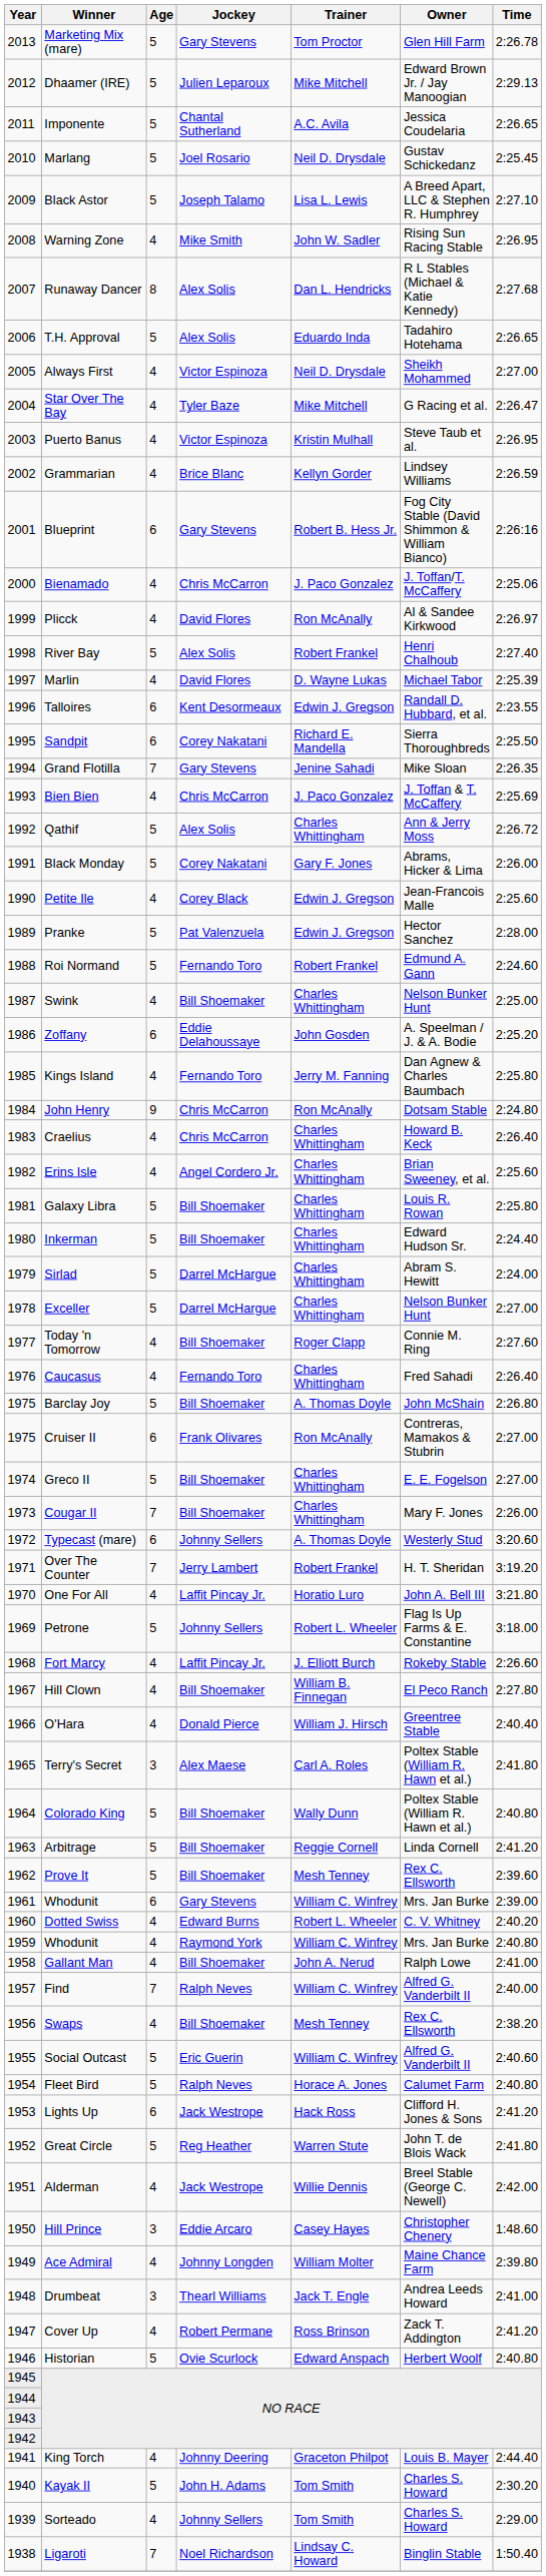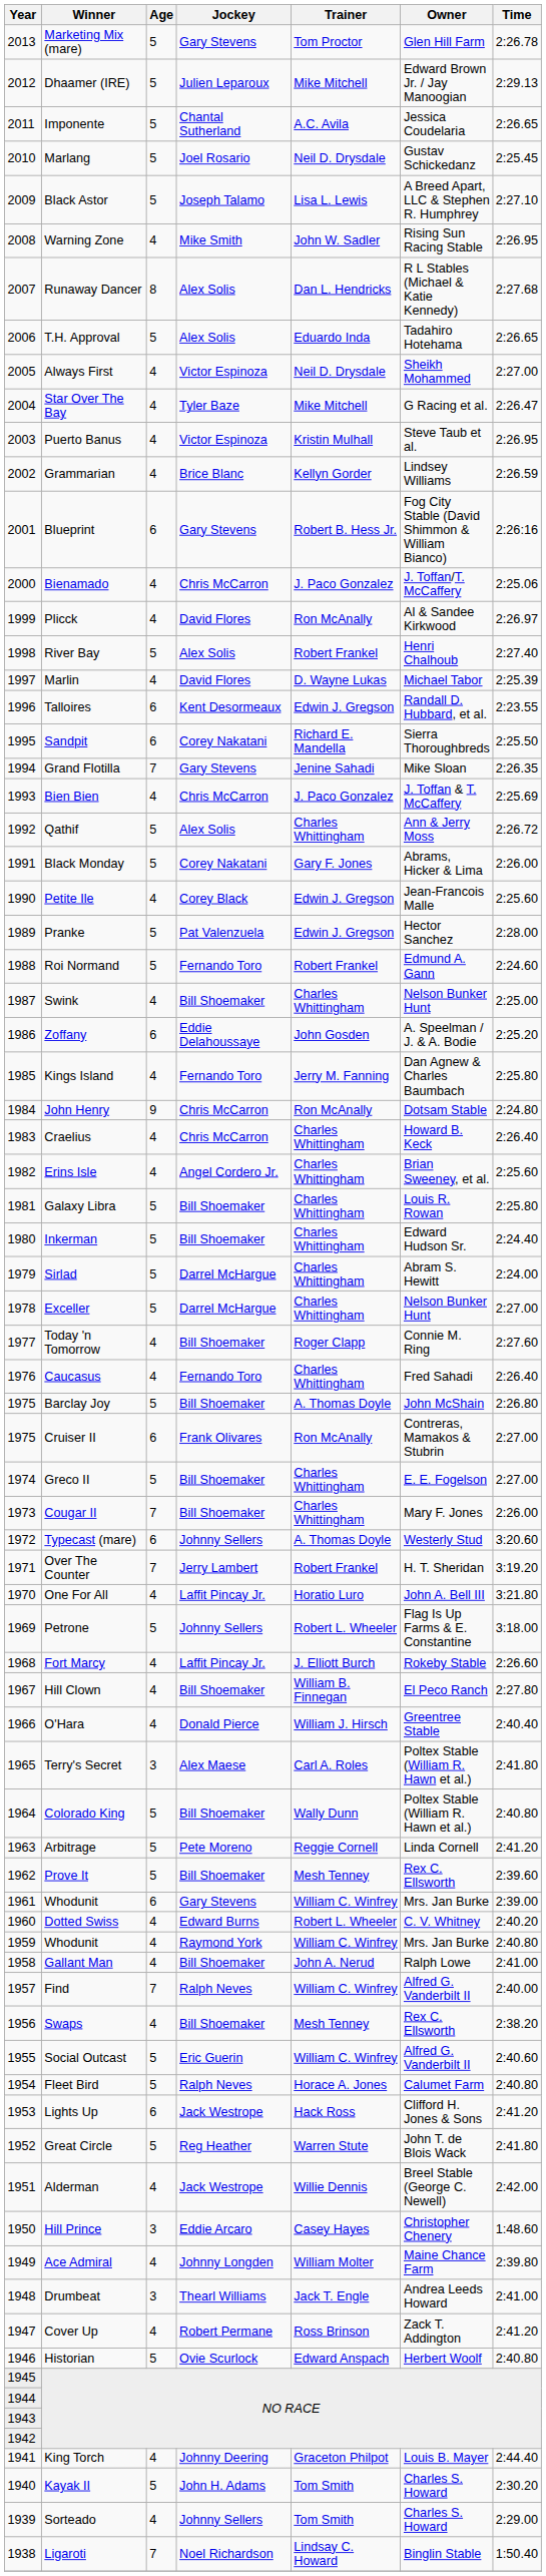 <table class="wikitable sortable" style="font-size:90%">
 <tr>
 <th style="width:38px">Year<br></th>
 <th style="width:140px">Winner<br></th>
 <th>Age<br></th>
 <th style="width:150px">Jockey<br></th>
 <th style="width:150px">Trainer<br></th>
 <th style="width:">Owner<br></th>
 <th style="width:25px">Time</th>
 </tr>
 <tr>
 <td>2013</td>
 <td><a href='#'>Marketing Mix</a> (mare)</td>
 <td>5</td>
 <td><a href='#'>Gary Stevens</a></td>
 <td><a href='#'>Tom Proctor</a></td>
 <td><a href='#'>Glen Hill Farm</a></td>
 <td>2:26.78</td>
 </tr>
 <tr>
 <td>2012</td>
 <td>Dhaamer (IRE)</td>
 <td>5</td>
 <td><a href='#'>Julien Leparoux</a></td>
 <td><a href='#'>Mike Mitchell</a></td>
 <td>Edward Brown Jr. / Jay Manoogian</td>
 <td>2:29.13</td>
 </tr>
 <tr>
 <td>2011</td>
 <td>Imponente</td>
 <td>5</td>
 <td><a href='#'>Chantal Sutherland</a></td>
 <td><a href='#'>A.C. Avila</a></td>
 <td>Jessica Coudelaria</td>
 <td>2:26.65</td>
 </tr>
 <tr>
 <td>2010</td>
 <td>Marlang</td>
 <td>5</td>
 <td><a href='#'>Joel Rosario</a></td>
 <td><a href='#'>Neil D. Drysdale</a></td>
 <td>Gustav Schickedanz</td>
 <td>2:25.45</td>
 </tr>
 <tr>
 <td>2009</td>
 <td>Black Astor</td>
 <td>5</td>
 <td><a href='#'>Joseph Talamo</a></td>
 <td><a href='#'>Lisa L. Lewis</a></td>
 <td>A Breed Apart, LLC & Stephen R. Humphrey</td>
 <td>2:27.10</td>
 </tr>
 <tr>
 <td>2008</td>
 <td>Warning Zone</td>
 <td>4</td>
 <td><a href='#'>Mike Smith</a></td>
 <td><a href='#'>John W. Sadler</a></td>
 <td>Rising Sun Racing Stable</td>
 <td>2:26.95</td>
 </tr>
 <tr>
 <td>2007</td>
 <td>Runaway Dancer</td>
 <td>8</td>
 <td><a href='#'>Alex Solis</a></td>
 <td><a href='#'>Dan L. Hendricks</a></td>
 <td>R L Stables (Michael & Katie Kennedy)</td>
 <td>2:27.68</td>
 </tr>
 <tr>
 <td>2006</td>
 <td>T.H. Approval</td>
 <td>5</td>
 <td><a href='#'>Alex Solis</a></td>
 <td><a href='#'>Eduardo Inda</a></td>
 <td>Tadahiro Hotehama</td>
 <td>2:26.65</td>
 </tr>
 <tr>
 <td>2005</td>
 <td>Always First</td>
 <td>4</td>
 <td><a href='#'>Victor Espinoza</a></td>
 <td><a href='#'>Neil D. Drysdale</a></td>
 <td><a href='#'>Sheikh Mohammed</a></td>
 <td>2:27.00</td>
 </tr>
 <tr>
 <td>2004</td>
 <td><a href='#'>Star Over The Bay</a></td>
 <td>4</td>
 <td><a href='#'>Tyler Baze</a></td>
 <td><a href='#'>Mike Mitchell</a></td>
 <td>G Racing et al.</td>
 <td>2:26.47</td>
 </tr>
 <tr>
 <td>2003</td>
 <td>Puerto Banus</td>
 <td>4</td>
 <td><a href='#'>Victor Espinoza</a></td>
 <td><a href='#'>Kristin Mulhall</a></td>
 <td>Steve Taub et al.</td>
 <td>2:26.95</td>
 </tr>
 <tr>
 <td>2002</td>
 <td>Grammarian</td>
 <td>4</td>
 <td><a href='#'>Brice Blanc</a></td>
 <td><a href='#'>Kellyn Gorder</a></td>
 <td>Lindsey Williams</td>
 <td>2:26.59</td>
 </tr>
 <tr>
 <td>2001</td>
 <td>Blueprint</td>
 <td>6</td>
 <td><a href='#'>Gary Stevens</a></td>
 <td><a href='#'>Robert B. Hess Jr.</a></td>
 <td>Fog City Stable (David Shimmon & William Bianco)</td>
 <td>2:26:16</td>
 </tr>
 <tr>
 <td>2000</td>
 <td><a href='#'>Bienamado</a></td>
 <td>4</td>
 <td><a href='#'>Chris McCarron</a></td>
 <td><a href='#'>J. Paco Gonzalez</a></td>
 <td><a href='#'>J. Toffan</a>/<a href='#'>T. McCaffery</a></td>
 <td>2:25.06</td>
 </tr>
 <tr>
 <td>1999</td>
 <td>Plicck</td>
 <td>4</td>
 <td><a href='#'>David Flores</a></td>
 <td><a href='#'>Ron McAnally</a></td>
 <td>Al & Sandee Kirkwood</td>
 <td>2:26.97</td>
 </tr>
 <tr>
 <td>1998</td>
 <td>River Bay</td>
 <td>5</td>
 <td><a href='#'>Alex Solis</a></td>
 <td><a href='#'>Robert Frankel</a></td>
 <td><a href='#'>Henri Chalhoub</a></td>
 <td>2:27.40</td>
 </tr>
 <tr>
 <td>1997</td>
 <td>Marlin</td>
 <td>4</td>
 <td><a href='#'>David Flores</a></td>
 <td><a href='#'>D. Wayne Lukas</a></td>
 <td><a href='#'>Michael Tabor</a></td>
 <td>2:25.39</td>
 </tr>
 <tr>
 <td>1996</td>
 <td>Talloires</td>
 <td>6</td>
 <td><a href='#'>Kent Desormeaux</a></td>
 <td><a href='#'>Edwin J. Gregson</a></td>
 <td><a href='#'>Randall D. Hubbard</a>, et al.</td>
 <td>2:23.55</td>
 </tr>
 <tr>
 <td>1995</td>
 <td><a href='#'>Sandpit</a></td>
 <td>6</td>
 <td><a href='#'>Corey Nakatani</a></td>
 <td><a href='#'>Richard E. Mandella</a></td>
 <td>Sierra Thoroughbreds</td>
 <td>2:25.50</td>
 </tr>
 <tr>
 <td>1994</td>
 <td>Grand Flotilla</td>
 <td>7</td>
 <td><a href='#'>Gary Stevens</a></td>
 <td><a href='#'>Jenine Sahadi</a></td>
 <td>Mike Sloan</td>
 <td>2:26.35</td>
 </tr>
 <tr>
 <td>1993</td>
 <td><a href='#'>Bien Bien</a></td>
 <td>4</td>
 <td><a href='#'>Chris McCarron</a></td>
 <td><a href='#'>J. Paco Gonzalez</a></td>
 <td><a href='#'>J. Toffan</a> & <a href='#'>T. McCaffery</a></td>
 <td>2:25.69</td>
 </tr>
 <tr>
 <td>1992</td>
 <td>Qathif</td>
 <td>5</td>
 <td><a href='#'>Alex Solis</a></td>
 <td><a href='#'>Charles Whittingham</a></td>
 <td><a href='#'>Ann & Jerry Moss</a></td>
 <td>2:26.72</td>
 </tr>
 <tr>
 <td>1991</td>
 <td>Black Monday</td>
 <td>5</td>
 <td><a href='#'>Corey Nakatani</a></td>
 <td><a href='#'>Gary F. Jones</a></td>
 <td>Abrams, Hicker & Lima</td>
 <td>2:26.00</td>
 </tr>
 <tr>
 <td>1990</td>
 <td><a href='#'>Petite Ile</a></td>
 <td>4</td>
 <td><a href='#'>Corey Black</a></td>
 <td><a href='#'>Edwin J. Gregson</a></td>
 <td>Jean-Francois Malle</td>
 <td>2:25.60</td>
 </tr>
 <tr>
 <td>1989</td>
 <td>Pranke</td>
 <td>5</td>
 <td><a href='#'>Pat Valenzuela</a></td>
 <td><a href='#'>Edwin J. Gregson</a></td>
 <td>Hector Sanchez</td>
 <td>2:28.00</td>
 </tr>
 <tr>
 <td>1988</td>
 <td>Roi Normand</td>
 <td>5</td>
 <td><a href='#'>Fernando Toro</a></td>
 <td><a href='#'>Robert Frankel</a></td>
 <td><a href='#'>Edmund A. Gann</a></td>
 <td>2:24.60</td>
 </tr>
 <tr>
 <td>1987</td>
 <td>Swink</td>
 <td>4</td>
 <td><a href='#'>Bill Shoemaker</a></td>
 <td><a href='#'>Charles Whittingham</a></td>
 <td><a href='#'>Nelson Bunker Hunt</a></td>
 <td>2:25.00</td>
 </tr>
 <tr>
 <td>1986</td>
 <td><a href='#'>Zoffany</a></td>
 <td>6</td>
 <td><a href='#'>Eddie Delahoussaye</a></td>
 <td><a href='#'>John Gosden</a></td>
 <td>A. Speelman / J. & A. Bodie</td>
 <td>2:25.20</td>
 </tr>
 <tr>
 <td>1985</td>
 <td>Kings Island</td>
 <td>4</td>
 <td><a href='#'>Fernando Toro</a></td>
 <td><a href='#'>Jerry M. Fanning</a></td>
 <td>Dan Agnew & Charles Baumbach</td>
 <td>2:25.80</td>
 </tr>
 <tr>
 <td>1984</td>
 <td><a href='#'>John Henry</a></td>
 <td>9</td>
 <td><a href='#'>Chris McCarron</a></td>
 <td><a href='#'>Ron McAnally</a></td>
 <td><a href='#'>Dotsam Stable</a></td>
 <td>2:24.80</td>
 </tr>
 <tr>
 <td>1983</td>
 <td>Craelius</td>
 <td>4</td>
 <td><a href='#'>Chris McCarron</a></td>
 <td><a href='#'>Charles Whittingham</a></td>
 <td><a href='#'>Howard B. Keck</a></td>
 <td>2:26.40</td>
 </tr>
 <tr>
 <td>1982</td>
 <td><a href='#'>Erins Isle</a></td>
 <td>4</td>
 <td><a href='#'>Angel Cordero Jr.</a></td>
 <td><a href='#'>Charles Whittingham</a></td>
 <td><a href='#'>Brian Sweeney</a>, et al.</td>
 <td>2:25.60</td>
 </tr>
 <tr>
 <td>1981</td>
 <td>Galaxy Libra</td>
 <td>5</td>
 <td><a href='#'>Bill Shoemaker</a></td>
 <td><a href='#'>Charles Whittingham</a></td>
 <td><a href='#'>Louis R. Rowan</a></td>
 <td>2:25.80</td>
 </tr>
 <tr>
 <td>1980</td>
 <td><a href='#'>Inkerman</a></td>
 <td>5</td>
 <td><a href='#'>Bill Shoemaker</a></td>
 <td><a href='#'>Charles Whittingham</a></td>
 <td>Edward Hudson Sr.</td>
 <td>2:24.40</td>
 </tr>
 <tr>
 <td>1979</td>
 <td><a href='#'>Sirlad</a></td>
 <td>5</td>
 <td><a href='#'>Darrel McHargue</a></td>
 <td><a href='#'>Charles Whittingham</a></td>
 <td>Abram S. Hewitt</td>
 <td>2:24.00</td>
 </tr>
 <tr>
 <td>1978</td>
 <td><a href='#'>Exceller</a></td>
 <td>5</td>
 <td><a href='#'>Darrel McHargue</a></td>
 <td><a href='#'>Charles Whittingham</a></td>
 <td><a href='#'>Nelson Bunker Hunt</a></td>
 <td>2:27.00</td>
 </tr>
 <tr>
 <td>1977</td>
 <td>Today 'n Tomorrow</td>
 <td>4</td>
 <td><a href='#'>Bill Shoemaker</a></td>
 <td><a href='#'>Roger Clapp</a></td>
 <td>Connie M. Ring</td>
 <td>2:27.60</td>
 </tr>
 <tr>
 <td>1976</td>
 <td><a href='#'>Caucasus</a></td>
 <td>4</td>
 <td><a href='#'>Fernando Toro</a></td>
 <td><a href='#'>Charles Whittingham</a></td>
 <td>Fred Sahadi</td>
 <td>2:26.40</td>
 </tr>
 <tr>
 <td>1975</td>
 <td>Barclay Joy</td>
 <td>5</td>
 <td><a href='#'>Bill Shoemaker</a></td>
 <td><a href='#'>A. Thomas Doyle</a></td>
 <td><a href='#'>John McShain</a></td>
 <td>2:26.80</td>
 </tr>
 <tr>
 <td>1975</td>
 <td>Cruiser II</td>
 <td>6</td>
 <td><a href='#'>Frank Olivares</a></td>
 <td><a href='#'>Ron McAnally</a></td>
 <td>Contreras, Mamakos & Stubrin</td>
 <td>2:27.00</td>
 </tr>
 <tr>
 <td>1974</td>
 <td>Greco II</td>
 <td>5</td>
 <td><a href='#'>Bill Shoemaker</a></td>
 <td><a href='#'>Charles Whittingham</a></td>
 <td><a href='#'>E. E. Fogelson</a></td>
 <td>2:27.00</td>
 </tr>
 <tr>
 <td>1973</td>
 <td><a href='#'>Cougar II</a></td>
 <td>7</td>
 <td><a href='#'>Bill Shoemaker</a></td>
 <td><a href='#'>Charles Whittingham</a></td>
 <td>Mary F. Jones</td>
 <td>2:26.00</td>
 </tr>
 <tr>
 <td>1972</td>
 <td><a href='#'>Typecast</a> (mare)</td>
 <td>6</td>
 <td><a href='#'>Johnny Sellers</a></td>
 <td><a href='#'>A. Thomas Doyle</a></td>
 <td><a href='#'>Westerly Stud</a></td>
 <td>3:20.60</td>
 </tr>
 <tr>
 <td>1971</td>
 <td>Over The Counter</td>
 <td>7</td>
 <td><a href='#'>Jerry Lambert</a></td>
 <td><a href='#'>Robert Frankel</a></td>
 <td>H. T. Sheridan</td>
 <td>3:19.20</td>
 </tr>
 <tr>
 <td>1970</td>
 <td>One For All</td>
 <td>4</td>
 <td><a href='#'>Laffit Pincay Jr.</a></td>
 <td><a href='#'>Horatio Luro</a></td>
 <td><a href='#'>John A. Bell III</a></td>
 <td>3:21.80</td>
 </tr>
 <tr>
 <td>1969</td>
 <td>Petrone</td>
 <td>5</td>
 <td><a href='#'>Johnny Sellers</a></td>
 <td><a href='#'>Robert L. Wheeler</a></td>
 <td>Flag Is Up Farms & E. Constantine</td>
 <td>3:18.00</td>
 </tr>
 <tr>
 <td>1968</td>
 <td><a href='#'>Fort Marcy</a></td>
 <td>4</td>
 <td><a href='#'>Laffit Pincay Jr.</a></td>
 <td><a href='#'>J. Elliott Burch</a></td>
 <td><a href='#'>Rokeby Stable</a></td>
 <td>2:26.60</td>
 </tr>
 <tr>
 <td>1967</td>
 <td>Hill Clown</td>
 <td>4</td>
 <td><a href='#'>Bill Shoemaker</a></td>
 <td><a href='#'>William B. Finnegan</a></td>
 <td><a href='#'>El Peco Ranch</a></td>
 <td>2:27.80</td>
 </tr>
 <tr>
 <td>1966</td>
 <td>O'Hara</td>
 <td>4</td>
 <td><a href='#'>Donald Pierce</a></td>
 <td><a href='#'>William J. Hirsch</a></td>
 <td><a href='#'>Greentree Stable</a></td>
 <td>2:40.40</td>
 </tr>
 <tr>
 <td>1965</td>
 <td>Terry's Secret</td>
 <td>3</td>
 <td><a href='#'>Alex Maese</a></td>
 <td><a href='#'>Carl A. Roles</a></td>
 <td>Poltex Stable (<a href='#'>William R. Hawn</a> et al.)</td>
 <td>2:41.80</td>
 </tr>
 <tr>
 <td>1964</td>
 <td><a href='#'>Colorado King</a></td>
 <td>5</td>
 <td><a href='#'>Bill Shoemaker</a></td>
 <td><a href='#'>Wally Dunn</a></td>
 <td>Poltex Stable (William R. Hawn et al.)</td>
 <td>2:40.80</td>
 </tr>
 <tr>
 <td>1963</td>
 <td>Arbitrage</td>
 <td>5</td>
-<td><a href='#'>Bill Shoemaker</a></td>
+<td><a href='#'>Pete Moreno</a></td>
 <td><a href='#'>Reggie Cornell</a></td>
 <td>Linda Cornell</td>
 <td>2:41.20</td>
 </tr>
 <tr>
 <td>1962</td>
 <td><a href='#'>Prove It</a></td>
 <td>5</td>
 <td><a href='#'>Bill Shoemaker</a></td>
 <td><a href='#'>Mesh Tenney</a></td>
 <td><a href='#'>Rex C. Ellsworth</a></td>
 <td>2:39.60</td>
 </tr>
 <tr>
 <td>1961</td>
 <td>Whodunit</td>
 <td>6</td>
 <td><a href='#'>Gary Stevens</a></td>
 <td><a href='#'>William C. Winfrey</a></td>
 <td>Mrs. Jan Burke</td>
 <td>2:39.00</td>
 </tr>
 <tr>
 <td>1960</td>
 <td><a href='#'>Dotted Swiss</a></td>
 <td>4</td>
 <td><a href='#'>Edward Burns</a></td>
 <td><a href='#'>Robert L. Wheeler</a></td>
 <td><a href='#'>C. V. Whitney</a></td>
 <td>2:40.20</td>
 </tr>
 <tr>
 <td>1959</td>
 <td>Whodunit</td>
 <td>4</td>
 <td><a href='#'>Raymond York</a></td>
 <td><a href='#'>William C. Winfrey</a></td>
 <td>Mrs. Jan Burke</td>
 <td>2:40.80</td>
 </tr>
 <tr>
 <td>1958</td>
 <td><a href='#'>Gallant Man</a></td>
 <td>4</td>
 <td><a href='#'>Bill Shoemaker</a></td>
 <td><a href='#'>John A. Nerud</a></td>
 <td>Ralph Lowe</td>
 <td>2:41.00</td>
 </tr>
 <tr>
 <td>1957</td>
 <td>Find</td>
 <td>7</td>
 <td><a href='#'>Ralph Neves</a></td>
 <td><a href='#'>William C. Winfrey</a></td>
 <td><a href='#'>Alfred G. Vanderbilt II</a></td>
 <td>2:40.00</td>
 </tr>
 <tr>
 <td>1956</td>
 <td><a href='#'>Swaps</a></td>
 <td>4</td>
 <td><a href='#'>Bill Shoemaker</a></td>
 <td><a href='#'>Mesh Tenney</a></td>
 <td><a href='#'>Rex C. Ellsworth</a></td>
 <td>2:38.20</td>
 </tr>
 <tr>
 <td>1955</td>
 <td>Social Outcast</td>
 <td>5</td>
 <td><a href='#'>Eric Guerin</a></td>
 <td><a href='#'>William C. Winfrey</a></td>
 <td><a href='#'>Alfred G. Vanderbilt II</a></td>
 <td>2:40.60</td>
 </tr>
 <tr>
 <td>1954</td>
 <td>Fleet Bird</td>
 <td>5</td>
 <td><a href='#'>Ralph Neves</a></td>
 <td><a href='#'>Horace A. Jones</a></td>
 <td><a href='#'>Calumet Farm</a></td>
 <td>2:40.80</td>
 </tr>
 <tr>
 <td>1953</td>
 <td>Lights Up</td>
 <td>6</td>
 <td><a href='#'>Jack Westrope</a></td>
 <td><a href='#'>Hack Ross</a></td>
 <td>Clifford H. Jones & Sons</td>
 <td>2:41.20</td>
 </tr>
 <tr>
 <td>1952</td>
 <td>Great Circle</td>
 <td>5</td>
 <td><a href='#'>Reg Heather</a></td>
 <td><a href='#'>Warren Stute</a></td>
 <td>John T. de Blois Wack</td>
 <td>2:41.80</td>
 </tr>
 <tr>
 <td>1951</td>
 <td>Alderman</td>
 <td>4</td>
 <td><a href='#'>Jack Westrope</a></td>
 <td><a href='#'>Willie Dennis</a></td>
 <td>Breel Stable (George C. Newell)</td>
 <td>2:42.00</td>
 </tr>
 <tr>
 <td>1950</td>
 <td><a href='#'>Hill Prince</a></td>
 <td>3</td>
 <td><a href='#'>Eddie Arcaro</a></td>
 <td><a href='#'>Casey Hayes</a></td>
 <td><a href='#'>Christopher Chenery</a></td>
 <td>1:48.60</td>
 </tr>
 <tr>
 <td>1949</td>
 <td><a href='#'>Ace Admiral</a></td>
 <td>4</td>
 <td><a href='#'>Johnny Longden</a></td>
 <td><a href='#'>William Molter</a></td>
 <td><a href='#'>Maine Chance Farm</a></td>
 <td>2:39.80</td>
 </tr>
 <tr>
 <td>1948</td>
 <td>Drumbeat</td>
 <td>3</td>
 <td><a href='#'>Thearl Williams</a></td>
 <td><a href='#'>Jack T. Engle</a></td>
 <td>Andrea Leeds Howard</td>
 <td>2:41.00</td>
 </tr>
 <tr>
 <td>1947</td>
 <td>Cover Up</td>
 <td>4</td>
 <td><a href='#'>Robert Permane</a></td>
 <td><a href='#'>Ross Brinson</a></td>
 <td>Zack T. Addington</td>
 <td>2:41.20</td>
 </tr>
 <tr>
 <td>1946</td>
 <td>Historian</td>
 <td>5</td>
 <td><a href='#'>Ovie Scurlock</a></td>
 <td><a href='#'>Edward Anspach</a></td>
 <td><a href='#'>Herbert Woolf</a></td>
 <td>2:40.80</td>
 </tr>
 <tr bgcolor="#eeeeee">
 <td>1945</td>
 <td rowspan="4" colspan="6" style="text-align: center;"><em>NO RACE</em></td>
 </tr>
 <tr bgcolor="#eeeeee">
 <td>1944</td>
 </tr>
 <tr bgcolor="#eeeeee">
 <td>1943</td>
 </tr>
 <tr bgcolor="#eeeeee">
 <td>1942</td>
 </tr>
 <tr>
 <td>1941</td>
 <td>King Torch</td>
 <td>4</td>
 <td><a href='#'>Johnny Deering</a></td>
 <td><a href='#'>Graceton Philpot</a></td>
 <td><a href='#'>Louis B. Mayer</a></td>
 <td>2:44.40</td>
 </tr>
 <tr>
 <td>1940</td>
 <td><a href='#'>Kayak II</a></td>
 <td>5</td>
 <td><a href='#'>John H. Adams</a></td>
 <td><a href='#'>Tom Smith</a></td>
 <td><a href='#'>Charles S. Howard</a></td>
 <td>2:30.20</td>
 </tr>
 <tr>
 <td>1939</td>
 <td>Sorteado</td>
 <td>4</td>
 <td><a href='#'>Johnny Sellers</a></td>
 <td><a href='#'>Tom Smith</a></td>
 <td><a href='#'>Charles S. Howard</a></td>
 <td>2:29.00</td>
 </tr>
 <tr>
 <td>1938</td>
 <td><a href='#'>Ligaroti</a></td>
 <td>7</td>
 <td><a href='#'>Noel Richardson</a></td>
 <td><a href='#'>Lindsay C. Howard</a></td>
 <td><a href='#'>Binglin Stable</a></td>
 <td>1:50.40</td>
 </tr>
 <tr>
 </tr>
 </table>
